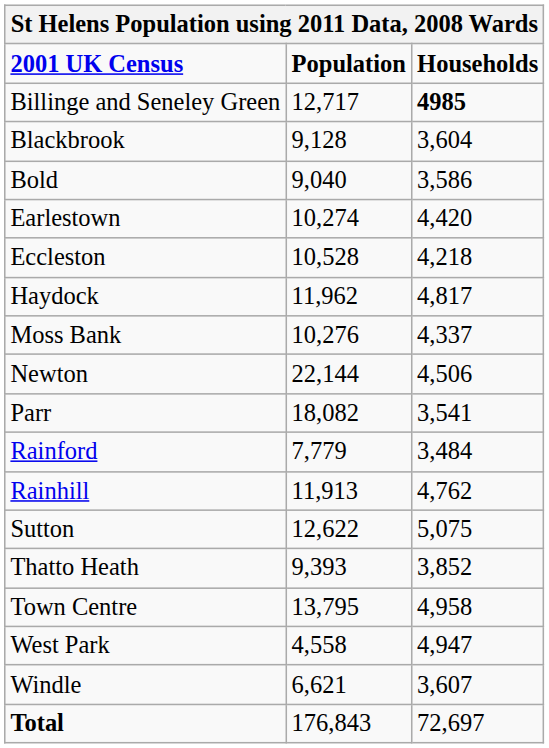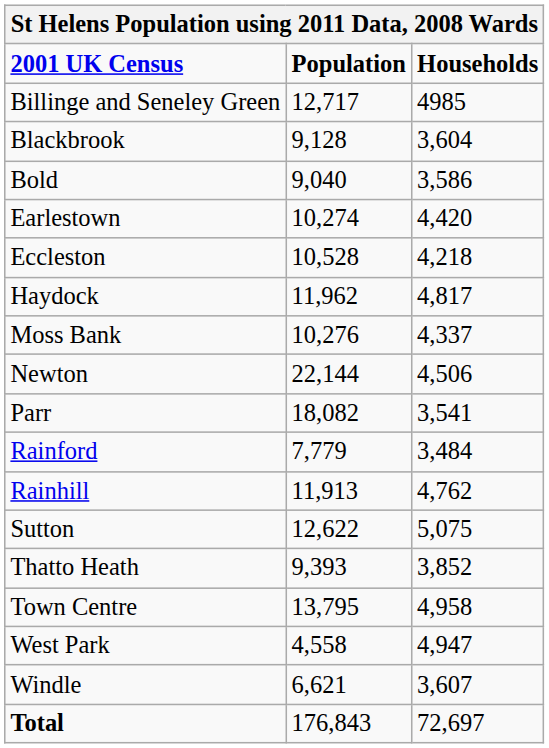 <table class="wikitable" style="float: Left" cellspacing="5">
 <tr>
 <th colspan="4"><strong>St Helens Population using 2011 Data, 2008 Wards</strong></th>
 </tr>
 <tr>
 <td><strong><a href='#'>2001 UK Census</a></strong></td>
 <td><strong>Population</strong></td>
 <td><strong>Households</strong></td>
 </tr>
 <tr>
 <td>Billinge and Seneley Green</td>
 <td>12,717</td>
-<td><strong>4985</strong></td>
+<td>4985</td>
 </tr>
 <tr>
 <td>Blackbrook</td>
 <td>9,128</td>
 <td>3,604</td>
 </tr>
 <tr>
 <td>Bold</td>
 <td>9,040</td>
 <td>3,586</td>
 </tr>
 <tr>
 <td>Earlestown</td>
 <td>10,274</td>
 <td>4,420</td>
 </tr>
 <tr>
 <td>Eccleston</td>
 <td>10,528</td>
 <td>4,218</td>
 </tr>
 <tr>
 <td>Haydock</td>
 <td>11,962</td>
 <td>4,817</td>
 </tr>
 <tr>
 <td>Moss Bank</td>
 <td>10,276</td>
 <td>4,337</td>
 </tr>
 <tr>
 <td>Newton</td>
 <td>22,144</td>
 <td>4,506</td>
 </tr>
 <tr>
 <td>Parr</td>
 <td>18,082</td>
 <td>3,541</td>
 </tr>
 <tr>
 <td><a href='#'>Rainford</a></td>
 <td>7,779</td>
 <td>3,484</td>
 </tr>
 <tr>
 <td><a href='#'>Rainhill</a></td>
 <td>11,913</td>
 <td>4,762</td>
 </tr>
 <tr>
 <td>Sutton</td>
 <td>12,622</td>
 <td>5,075</td>
 </tr>
 <tr>
 <td>Thatto Heath</td>
 <td>9,393</td>
 <td>3,852</td>
 </tr>
 <tr>
 <td>Town Centre</td>
 <td>13,795</td>
 <td>4,958</td>
 </tr>
 <tr>
 <td>West Park</td>
 <td>4,558</td>
 <td>4,947</td>
 </tr>
 <tr>
 <td>Windle</td>
 <td>6,621</td>
 <td>3,607</td>
 </tr>
 <tr>
 <td><strong>Total</strong></td>
 <td>176,843</td>
 <td>72,697</td>
 </tr>
 </table>
